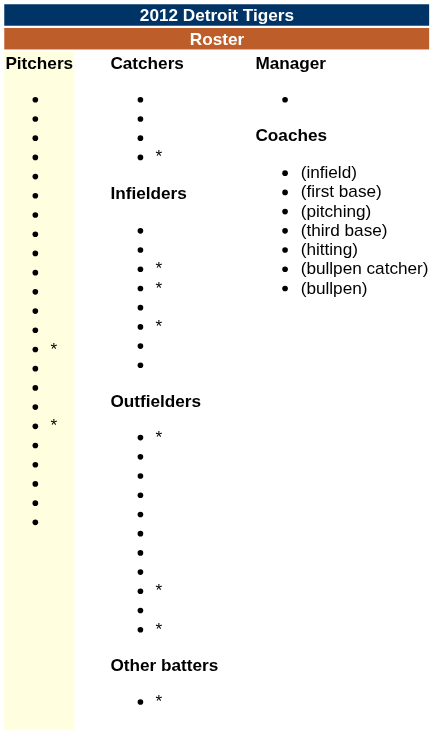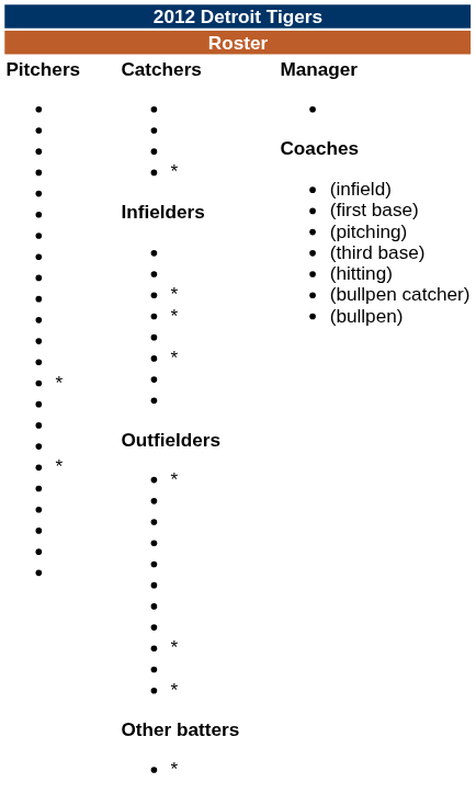 <table class="toccolours" style="font-size: 95%;">
 <tr>
 <th colspan="10" style="background-color: #003366; color: white; text-align: center;">2012 Detroit Tigers</th>
 </tr>
 <tr>
 <td colspan="10" style="background-color: #bd5d29; color: white; text-align: center;"><strong>Roster</strong></td>
 </tr>
 <tr>
-<td valign="top" style="background: lightyellow;"><strong>Pitchers</strong><br><ul><li></li><li></li><li></li><li></li><li></li><li></li><li></li><li></li><li></li><li></li><li></li><li></li><li></li><li>*</li><li></li><li></li><li></li><li>*</li><li></li><li></li><li></li><li></li><li></li></ul></td>
+<td valign="top"><strong>Pitchers</strong><br><ul><li></li><li></li><li></li><li></li><li></li><li></li><li></li><li></li><li></li><li></li><li></li><li></li><li></li><li>*</li><li></li><li></li><li></li><li>*</li><li></li><li></li><li></li><li></li><li></li></ul></td>
 <td width="25px"></td>
 <td valign="top"><strong>Catchers</strong><br><ul><li></li><li></li><li></li><li>*</li></ul><strong>Infielders</strong><ul><li></li><li></li><li>*</li><li>*</li><li></li><li>*</li><li></li><li></li></ul><strong>Outfielders</strong><ul><li>*</li><li></li><li></li><li></li><li></li><li></li><li></li><li></li><li>*</li><li></li><li>*</li></ul><strong>Other batters</strong><ul><li>*</li></ul></td>
 <td width="25px"></td>
 <td valign="top"><strong>Manager</strong><br><ul><li></li></ul><strong>Coaches</strong><ul><li> (infield)</li><li> (first base)</li><li> (pitching)</li><li> (third base)</li><li> (hitting)</li><li> (bullpen catcher)</li><li> (bullpen)</li></ul></td>
 </tr>
 <tr>
 </tr>
 </table>
